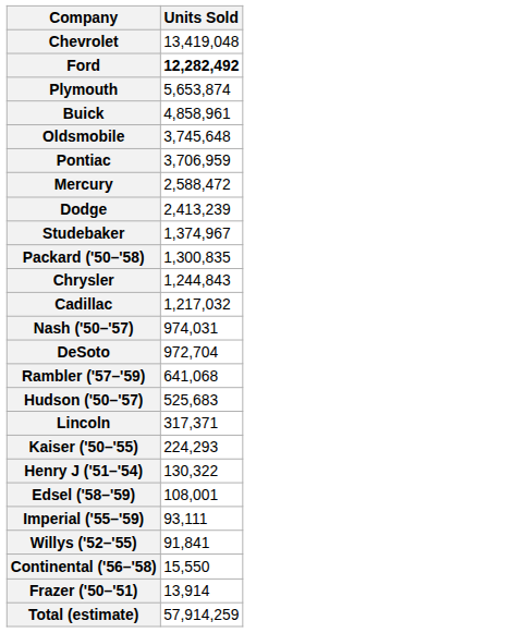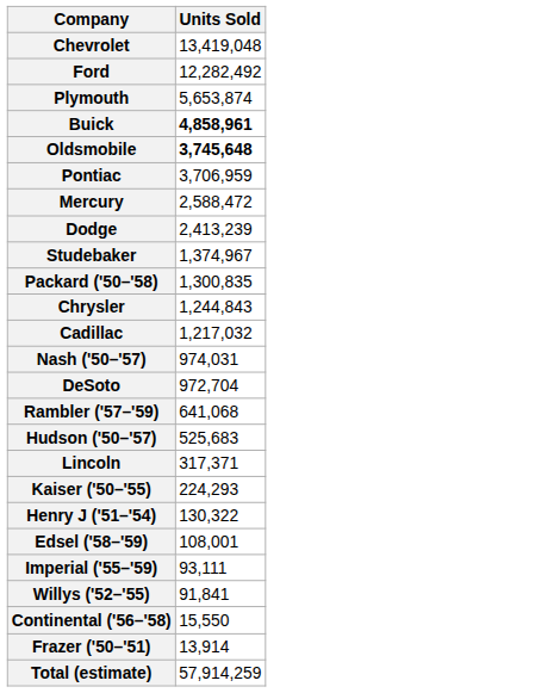 <table class="wikitable sortable" style="font-size:95%; display:block; width:40%; max-width:1200; border:1px solid #ffffff; background:#fff; margin:1em auto 1em auto;">
 <tr>
 <th scope="col">Company</th>
 <th scope="col">Units Sold</th>
 </tr>
 <tr>
 <th scope="row">Chevrolet</th>
 <td>13,419,048</td>
 </tr>
 <tr>
 <th scope="row">Ford</th>
-<td><strong>12,282,492</strong></td>
+<td>12,282,492</td>
 </tr>
 <tr>
 <th scope="row">Plymouth</th>
 <td>5,653,874</td>
 </tr>
 <tr>
 <th scope="row">Buick</th>
-<td>4,858,961</td>
+<td><strong>4,858,961</strong></td>
 </tr>
 <tr>
 <th scope="row">Oldsmobile</th>
-<td>3,745,648</td>
+<td><strong>3,745,648</strong></td>
 </tr>
 <tr>
 <th scope="row">Pontiac</th>
 <td>3,706,959</td>
 </tr>
 <tr>
 <th scope="row">Mercury</th>
 <td>2,588,472</td>
 </tr>
 <tr>
 <th scope="row">Dodge</th>
 <td>2,413,239</td>
 </tr>
 <tr>
 <th scope="row">Studebaker</th>
 <td>1,374,967</td>
 </tr>
 <tr>
 <th scope="row">Packard ('50–'58)</th>
 <td>1,300,835</td>
 </tr>
 <tr>
 <th scope="row">Chrysler</th>
 <td>1,244,843</td>
 </tr>
 <tr>
 <th scope="row">Cadillac</th>
 <td>1,217,032</td>
 </tr>
 <tr>
 <th scope="row">Nash ('50–'57)</th>
 <td>974,031</td>
 </tr>
 <tr>
 <th scope="row">DeSoto</th>
 <td>972,704</td>
 </tr>
 <tr>
 <th scope="row">Rambler ('57–'59)</th>
 <td>641,068</td>
 </tr>
 <tr>
 <th scope="row">Hudson ('50–'57)</th>
 <td>525,683</td>
 </tr>
 <tr>
 <th scope="row">Lincoln</th>
 <td>317,371</td>
 </tr>
 <tr>
 <th scope="row">Kaiser ('50–'55)</th>
 <td>224,293</td>
 </tr>
 <tr>
 <th scope="row">Henry J ('51–'54)</th>
 <td>130,322</td>
 </tr>
 <tr>
 <th scope="row">Edsel ('58–'59)</th>
 <td>108,001</td>
 </tr>
 <tr>
 <th scope="row">Imperial ('55–'59)</th>
 <td>93,111</td>
 </tr>
 <tr>
 <th scope="row">Willys ('52–'55)</th>
 <td>91,841</td>
 </tr>
 <tr>
 <th scope="row">Continental ('56–'58)</th>
 <td>15,550</td>
 </tr>
 <tr>
 <th scope="row">Frazer ('50–'51)</th>
 <td>13,914</td>
 </tr>
 <tr>
 <th scope="row">Total (estimate)</th>
 <td>57,914,259</td>
 </tr>
 </table>
